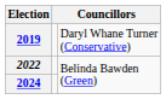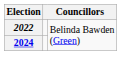 <table class="wikitable">
 <tr>
 <th>Election</th>
 <th colspan="2">Councillors</th>
-</tr>
-<tr>
-<th><a href='#'>2019</a></th>
-<td rowspan="1" style="background-color: "></td>
-<td>Daryl Whane Turner<br>(<a href='#'>Conservative</a>)</td>
 </tr>
 <tr>
 <th><em>2022</em></th>
 <td rowspan="1" style="background-color: "></td>
 <td rowspan="2">Belinda Bawden<br>(<a href='#'>Green</a>)</td>
 </tr>
 <tr>
 <th><a href='#'>2024</a></th>
 <td rowspan="1" style="background-color: "></td>
 </tr>
 </table>
